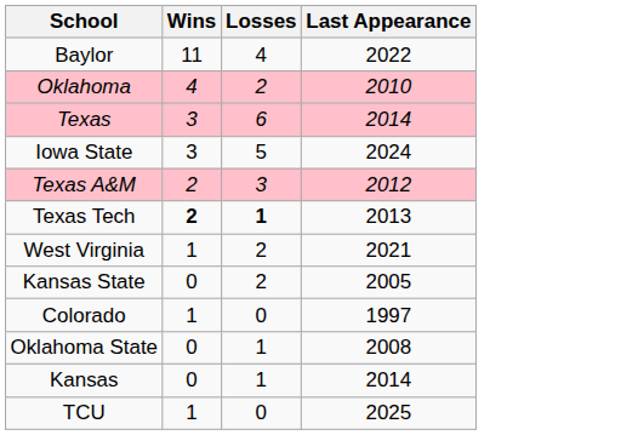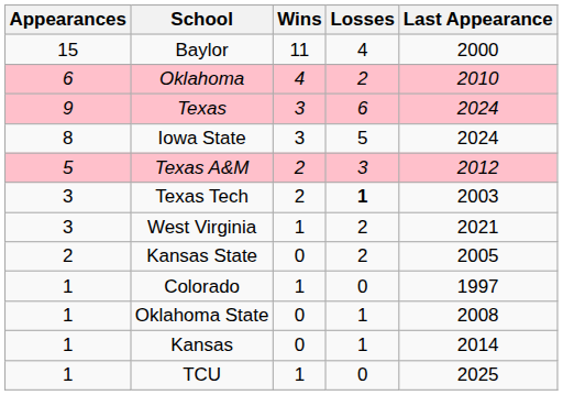 <table class="wikitable sortable" style="text-align:center">
 <tr>
+<th width=px>Appearances</th>
 <th width=px>School</th>
 <th width=px>Wins</th>
 <th width=px>Losses</th>
 <th width=px>Last Appearance</th>
 </tr>
 <tr>
+<td>15</td>
 <td>Baylor</td>
 <td>11</td>
 <td>4</td>
-<td>2022</td>
+<td>2000</td>
 </tr>
 <tr bgcolor=pink>
+<td><em>6</em></td>
 <td><em>Oklahoma</em></td>
 <td><em>4</em></td>
 <td><em>2</em></td>
 <td><em>2010</em></td>
 </tr>
 <tr bgcolor=pink>
+<td><em>9</em></td>
 <td><em>Texas</em></td>
 <td><em>3</em></td>
 <td><em>6</em></td>
-<td><em>2014</em></td>
+<td><em>2024</em></td>
 </tr>
 <tr>
+<td>8</td>
 <td>Iowa State</td>
 <td>3</td>
 <td>5</td>
 <td>2024</td>
 </tr>
 <tr bgcolor=pink>
+<td><em>5</em></td>
 <td><em>Texas A&M</em></td>
 <td><em>2</em></td>
 <td><em>3</em></td>
 <td><em>2012</em></td>
 </tr>
 <tr>
+<td>3</td>
 <td>Texas Tech</td>
-<td><strong>2</strong></td>
+<td>2</td>
 <td><strong>1</strong></td>
-<td>2013</td>
+<td>2003</td>
 </tr>
 <tr>
+<td>3</td>
 <td>West Virginia</td>
 <td>1</td>
 <td>2</td>
 <td>2021</td>
 </tr>
 <tr>
+<td>2</td>
 <td>Kansas State</td>
 <td>0</td>
 <td>2</td>
 <td>2005</td>
 </tr>
 <tr>
+<td>1</td>
 <td>Colorado</td>
 <td>1</td>
 <td>0</td>
 <td>1997</td>
 </tr>
 <tr>
+<td>1</td>
 <td>Oklahoma State</td>
 <td>0</td>
 <td>1</td>
 <td>2008</td>
 </tr>
 <tr>
+<td>1</td>
 <td>Kansas</td>
 <td>0</td>
 <td>1</td>
 <td>2014</td>
 </tr>
 <tr>
+<td>1</td>
 <td>TCU</td>
 <td>1</td>
 <td>0</td>
 <td>2025</td>
 </tr>
 </table>
